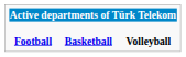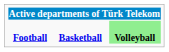 <table class="infobox" style="width: auto; font-size: 100%; text-align: center">
 <tr style="background: #0087C9; text-align: center">
 <th colspan="3" style="color: white">Active departments of Türk Telekom</th>
 </tr>
 <tr>
 <td><br><strong><a href='#'>Football</a></strong></td>
 <td><br><strong><a href='#'>Basketball</a></strong></td>
-<td><br><strong>Volleyball</strong></td>
+<td style="background: lightgreen;"><br><strong>Volleyball</strong></td>
 </tr>
 </table>
